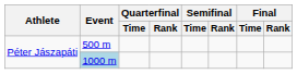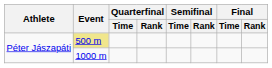 <table class="wikitable" style="font-size:90%">
 <tr>
 <th rowspan=2>Athlete</th>
 <th rowspan=2>Event</th>
 <th colspan=2>Quarterfinal</th>
 <th colspan=2>Semifinal</th>
 <th colspan=2>Final</th>
 </tr>
 <tr style="font-size:95%">
 <th>Time</th>
 <th>Rank</th>
 <th>Time</th>
 <th>Rank</th>
 <th>Time</th>
 <th>Rank</th>
 </tr>
 <tr align=center>
 <td align=left rowspan=2><a href='#'>Péter Jászapáti</a></td>
-<td align=left><a href='#'>500 m</a></td>
+<td align=left style="background: khaki;"><a href='#'>500 m</a></td>
 <td></td>
 <td></td>
 <td></td>
 <td></td>
 <td></td>
 <td></td>
 </tr>
 <tr align=center>
-<td align=left style="background: lightblue;"><a href='#'>1000 m</a></td>
+<td align=left><a href='#'>1000 m</a></td>
 <td></td>
 <td></td>
 <td></td>
 <td></td>
 <td></td>
 <td></td>
 </tr>
 </table>
